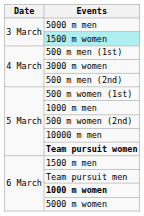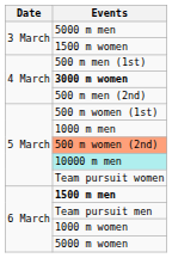 <table class="wikitable" border="1">
 <tr>
 <th>Date</th>
 <th>Events</th>
 </tr>
 <tr>
 <td rowspan=2>3 March</td>
 <td>5000 m men</td>
 </tr>
 <tr>
-<td style="background: paleturquoise;">1500 m women</td>
+<td>1500 m women</td>
 </tr>
 <tr>
 <td rowspan=3>4 March</td>
 <td>500 m men (1st)</td>
 </tr>
 <tr>
-<td>3000 m women</td>
+<td><strong>3000 m women</strong></td>
 </tr>
 <tr>
 <td>500 m men (2nd)</td>
 </tr>
 <tr>
 <td rowspan=5>5 March</td>
 <td>500 m women (1st)</td>
 </tr>
 <tr>
 <td>1000 m men</td>
 </tr>
 <tr>
-<td>500 m women (2nd)</td>
+<td style="background: lightsalmon;">500 m women (2nd)</td>
 </tr>
 <tr>
-<td>10000 m men</td>
+<td style="background: paleturquoise;">10000 m men</td>
 </tr>
 <tr>
-<td><strong>Team pursuit women</strong></td>
+<td>Team pursuit women</td>
 </tr>
 <tr>
 <td rowspan=4>6 March</td>
-<td>1500 m men</td>
+<td><strong>1500 m men</strong></td>
 </tr>
 <tr>
 <td>Team pursuit men</td>
 </tr>
 <tr>
-<td><strong>1000 m women</strong></td>
+<td>1000 m women</td>
 </tr>
 <tr>
 <td>5000 m women</td>
 </tr>
 </table>
